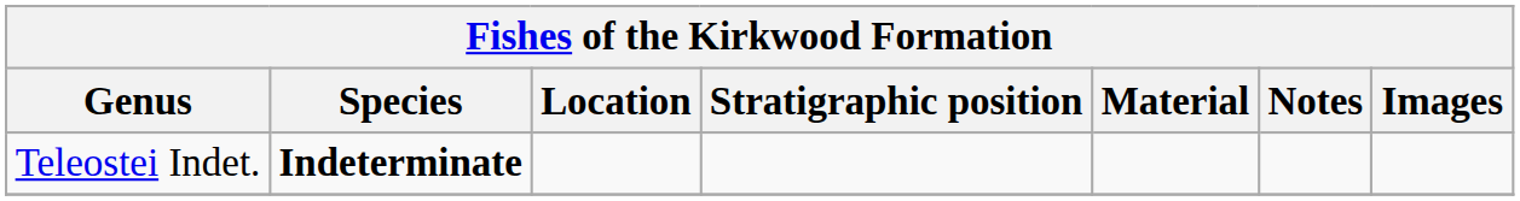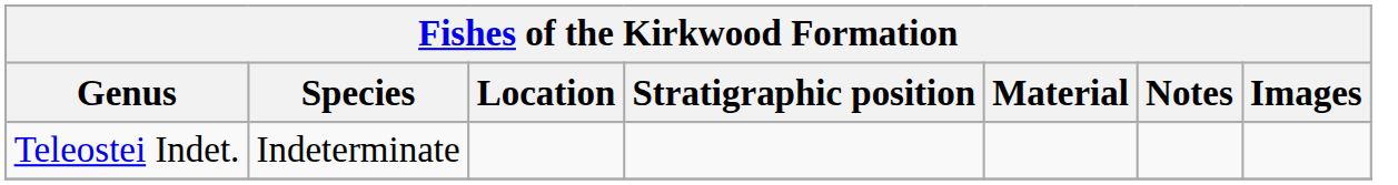 <table class="wikitable" align="center">
 <tr>
 <th colspan="7" align="center"><a href='#'>Fishes</a> of the Kirkwood Formation</th>
 </tr>
 <tr>
 <th>Genus</th>
 <th>Species</th>
 <th>Location</th>
 <th>Stratigraphic position</th>
 <th>Material</th>
 <th>Notes</th>
 <th>Images</th>
 </tr>
 <tr>
 <td><a href='#'>Teleostei</a> Indet.</td>
-<td><strong>Indeterminate</strong></td>
+<td>Indeterminate</td>
 <td></td>
 <td></td>
 <td></td>
 <td></td>
 <td></td>
 </tr>
 <tr>
 </tr>
 </table>
